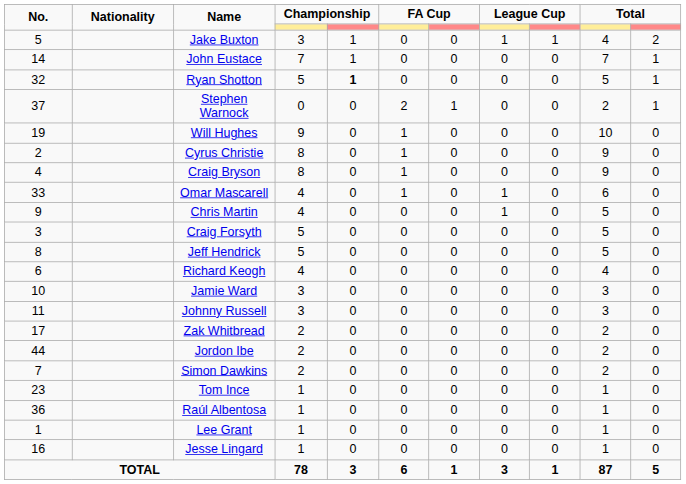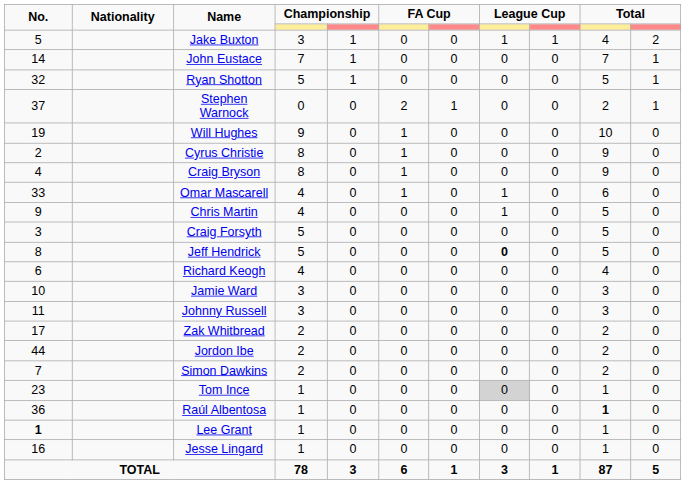 <table class="wikitable" style="text-align:center;">
 <tr>
 <td rowspan="2"  style="width:10%; "><strong>No.</strong></td>
 <td rowspan="2"  style="width:15%; "><strong>Nationality</strong></td>
 <td rowspan="2"  style="width:15%; "><strong>Name</strong></td>
 <td colspan="2"><strong>Championship</strong></td>
 <td colspan="2"><strong>FA Cup</strong></td>
 <td colspan="2"><strong>League Cup</strong></td>
 <td colspan="2"><strong>Total</strong></td>
 </tr>
 <tr>
 <th style="width:60px; background:#fe9;"></th>
 <th style="width:60px; background:#ff8888;"></th>
 <th style="width:60px; background:#fe9;"></th>
 <th style="width:60px; background:#ff8888;"></th>
 <th style="width:60px; background:#fe9;"></th>
 <th style="width:60px; background:#ff8888;"></th>
 <th style="width:60px; background:#fe9;"></th>
 <th style="width:60px; background:#ff8888;"></th>
 </tr>
 <tr>
 <td>5</td>
 <td></td>
 <td><a href='#'>Jake Buxton</a></td>
 <td>3</td>
 <td>1</td>
 <td>0</td>
 <td>0</td>
 <td>1</td>
 <td>1</td>
 <td>4</td>
 <td>2</td>
 </tr>
 <tr>
 <td>14</td>
 <td></td>
 <td><a href='#'>John Eustace</a></td>
 <td>7</td>
 <td>1</td>
 <td>0</td>
 <td>0</td>
 <td>0</td>
 <td>0</td>
 <td>7</td>
 <td>1</td>
 </tr>
 <tr>
 <td>32</td>
 <td></td>
 <td><a href='#'>Ryan Shotton</a></td>
 <td>5</td>
-<td><strong>1</strong></td>
+<td>1</td>
 <td>0</td>
 <td>0</td>
 <td>0</td>
 <td>0</td>
 <td>5</td>
 <td>1</td>
 </tr>
 <tr>
 <td>37</td>
 <td></td>
 <td><a href='#'>Stephen Warnock</a></td>
 <td>0</td>
 <td>0</td>
 <td>2</td>
 <td>1</td>
 <td>0</td>
 <td>0</td>
 <td>2</td>
 <td>1</td>
 </tr>
 <tr>
 <td>19</td>
 <td></td>
 <td><a href='#'>Will Hughes</a></td>
 <td>9</td>
 <td>0</td>
 <td>1</td>
 <td>0</td>
 <td>0</td>
 <td>0</td>
 <td>10</td>
 <td>0</td>
 </tr>
 <tr>
 <td>2</td>
 <td></td>
 <td><a href='#'>Cyrus Christie</a></td>
 <td>8</td>
 <td>0</td>
 <td>1</td>
 <td>0</td>
 <td>0</td>
 <td>0</td>
 <td>9</td>
 <td>0</td>
 </tr>
 <tr>
 <td>4</td>
 <td></td>
 <td><a href='#'>Craig Bryson</a></td>
 <td>8</td>
 <td>0</td>
 <td>1</td>
 <td>0</td>
 <td>0</td>
 <td>0</td>
 <td>9</td>
 <td>0</td>
 </tr>
 <tr>
 <td>33</td>
 <td></td>
 <td><a href='#'>Omar Mascarell</a></td>
 <td>4</td>
 <td>0</td>
 <td>1</td>
 <td>0</td>
 <td>1</td>
 <td>0</td>
 <td>6</td>
 <td>0</td>
 </tr>
 <tr>
 <td>9</td>
 <td></td>
 <td><a href='#'>Chris Martin</a></td>
 <td>4</td>
 <td>0</td>
 <td>0</td>
 <td>0</td>
 <td>1</td>
 <td>0</td>
 <td>5</td>
 <td>0</td>
 </tr>
 <tr>
 <td>3</td>
 <td></td>
 <td><a href='#'>Craig Forsyth</a></td>
 <td>5</td>
 <td>0</td>
 <td>0</td>
 <td>0</td>
 <td>0</td>
 <td>0</td>
 <td>5</td>
 <td>0</td>
 </tr>
 <tr>
 <td>8</td>
 <td></td>
 <td><a href='#'>Jeff Hendrick</a></td>
 <td>5</td>
 <td>0</td>
 <td>0</td>
 <td>0</td>
-<td>0</td>
+<td><strong>0</strong></td>
 <td>0</td>
 <td>5</td>
 <td>0</td>
 </tr>
 <tr>
 <td>6</td>
 <td></td>
 <td><a href='#'>Richard Keogh</a></td>
 <td>4</td>
 <td>0</td>
 <td>0</td>
 <td>0</td>
 <td>0</td>
 <td>0</td>
 <td>4</td>
 <td>0</td>
 </tr>
 <tr>
 <td>10</td>
 <td></td>
 <td><a href='#'>Jamie Ward</a></td>
 <td>3</td>
 <td>0</td>
 <td>0</td>
 <td>0</td>
 <td>0</td>
 <td>0</td>
 <td>3</td>
 <td>0</td>
 </tr>
 <tr>
 <td>11</td>
 <td></td>
 <td><a href='#'>Johnny Russell</a></td>
 <td>3</td>
 <td>0</td>
 <td>0</td>
 <td>0</td>
 <td>0</td>
 <td>0</td>
 <td>3</td>
 <td>0</td>
 </tr>
 <tr>
 <td>17</td>
 <td></td>
 <td><a href='#'>Zak Whitbread</a></td>
 <td>2</td>
 <td>0</td>
 <td>0</td>
 <td>0</td>
 <td>0</td>
 <td>0</td>
 <td>2</td>
 <td>0</td>
 </tr>
 <tr>
 <td>44</td>
 <td></td>
 <td><a href='#'>Jordon Ibe</a></td>
 <td>2</td>
 <td>0</td>
 <td>0</td>
 <td>0</td>
 <td>0</td>
 <td>0</td>
 <td>2</td>
 <td>0</td>
 </tr>
 <tr>
 <td>7</td>
 <td></td>
 <td><a href='#'>Simon Dawkins</a></td>
 <td>2</td>
 <td>0</td>
 <td>0</td>
 <td>0</td>
 <td>0</td>
 <td>0</td>
 <td>2</td>
 <td>0</td>
 </tr>
 <tr>
 <td>23</td>
 <td></td>
 <td><a href='#'>Tom Ince</a></td>
 <td>1</td>
 <td>0</td>
 <td>0</td>
 <td>0</td>
-<td>0</td>
+<td style="background: lightgrey;">0</td>
 <td>0</td>
 <td>1</td>
 <td>0</td>
 </tr>
 <tr>
 <td>36</td>
 <td></td>
 <td><a href='#'>Raúl Albentosa</a></td>
 <td>1</td>
 <td>0</td>
 <td>0</td>
 <td>0</td>
 <td>0</td>
 <td>0</td>
-<td>1</td>
+<td><strong>1</strong></td>
 <td>0</td>
 </tr>
 <tr>
-<td>1</td>
+<td><strong>1</strong></td>
 <td></td>
 <td><a href='#'>Lee Grant</a></td>
 <td>1</td>
 <td>0</td>
 <td>0</td>
 <td>0</td>
 <td>0</td>
 <td>0</td>
 <td>1</td>
 <td>0</td>
 </tr>
 <tr>
 <td>16</td>
 <td></td>
 <td><a href='#'>Jesse Lingard</a></td>
 <td>1</td>
 <td>0</td>
 <td>0</td>
 <td>0</td>
 <td>0</td>
 <td>0</td>
 <td>1</td>
 <td>0</td>
 </tr>
 <tr>
 <td colspan="3"><strong>TOTAL</strong></td>
 <td><strong>78</strong></td>
 <td><strong>3</strong></td>
 <td><strong>6</strong></td>
 <td><strong>1</strong></td>
 <td><strong>3</strong></td>
 <td><strong>1</strong></td>
 <td><strong>87</strong></td>
 <td><strong>5</strong></td>
 </tr>
 </table>
